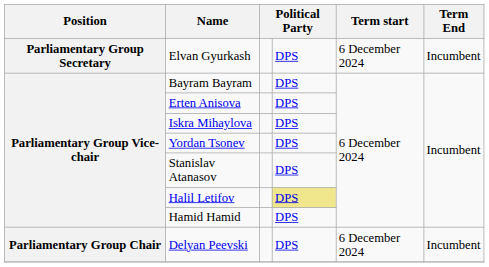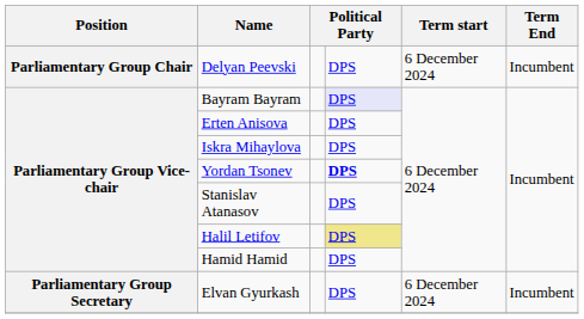 <table class="wikitable plainrowheaders">
 <tr>
 <th>Position</th>
 <th>Name</th>
 <th colspan="2">Political Party</th>
 <th>Term start</th>
 <th>Term End</th>
 </tr>
 <tr>
-<th>Parliamentary Group Secretary</th>
-<td>Elvan Gyurkash</td>
+<th>Parliamentary Group Chair</th>
+<td><a href='#'>Delyan Peevski</a></td>
 <td style="background:"></td>
 <td><a href='#'>DPS</a></td>
 <td>6 December 2024</td>
 <td>Incumbent</td>
 </tr>
 <tr>
 <th rowspan ="7">Parliamentary Group Vice-chair</th>
 <td>Bayram Bayram</td>
 <td style="background:"></td>
-<td><a href='#'>DPS</a></td>
+<td style="background: lavender;"><a href='#'>DPS</a></td>
 <td rowspan ="7">6 December 2024</td>
 <td rowspan ="7">Incumbent</td>
 </tr>
 <tr>
 <td><a href='#'>Erten Anisova</a></td>
 <td style="background:"></td>
 <td><a href='#'>DPS</a></td>
 </tr>
 <tr>
 <td><a href='#'>Iskra Mihaylova</a></td>
 <td style="background:"></td>
 <td><a href='#'>DPS</a></td>
 </tr>
 <tr>
 <td><a href='#'>Yordan Tsonev</a></td>
 <td style="background:"></td>
-<td><a href='#'>DPS</a></td>
+<td><strong><a href='#'>DPS</a></strong></td>
 </tr>
 <tr>
 <td>Stanislav Atanasov</td>
 <td style="background:"></td>
 <td><a href='#'>DPS</a></td>
 </tr>
 <tr>
 <td><a href='#'>Halil Letifov</a></td>
 <td style="background:"></td>
 <td style="background: khaki;"><a href='#'>DPS</a></td>
 </tr>
 <tr>
 <td>Hamid Hamid</td>
 <td style="background:"></td>
 <td><a href='#'>DPS</a></td>
 </tr>
 <tr>
-<th>Parliamentary Group Chair</th>
-<td><a href='#'>Delyan Peevski</a></td>
+<th>Parliamentary Group Secretary</th>
+<td>Elvan Gyurkash</td>
 <td style="background:"></td>
 <td><a href='#'>DPS</a></td>
 <td>6 December 2024</td>
 <td>Incumbent</td>
 </tr>
 <tr>
 </tr>
 </table>
